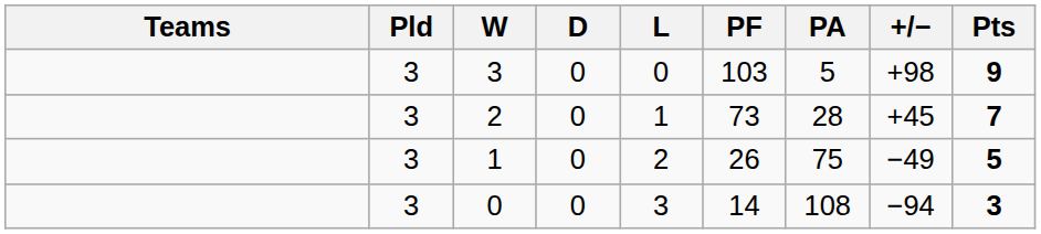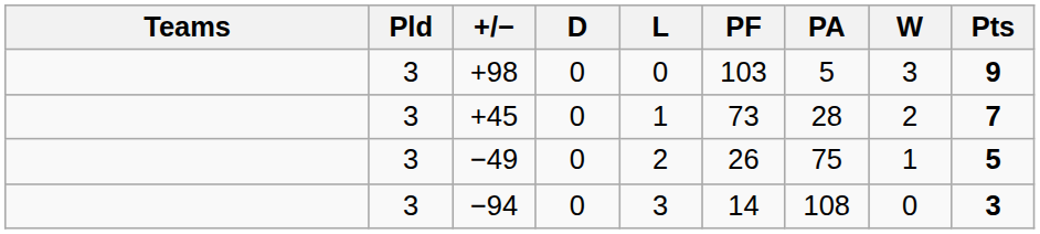 <table class="wikitable" style="text-align: center;">
 <tr>
 <th width="200">Teams</th>
 <th width="40">Pld</th>
-<th width="40">W</th>
+<th width="40">+/−</th>
 <th width="40">D</th>
 <th width="40">L</th>
 <th width="40">PF</th>
 <th width="40">PA</th>
-<th width="40">+/−</th>
+<th width="40">W</th>
 <th width="40">Pts</th>
 </tr>
 <tr>
 <td align=left></td>
 <td>3</td>
-<td>3</td>
+<td>+98</td>
 <td>0</td>
 <td>0</td>
 <td>103</td>
 <td>5</td>
-<td>+98</td>
+<td>3</td>
 <td><strong>9</strong></td>
 </tr>
 <tr>
 <td align=left></td>
 <td>3</td>
-<td>2</td>
+<td>+45</td>
 <td>0</td>
 <td>1</td>
 <td>73</td>
 <td>28</td>
-<td>+45</td>
+<td>2</td>
 <td><strong>7</strong></td>
 </tr>
 <tr>
 <td align=left></td>
 <td>3</td>
-<td>1</td>
+<td>−49</td>
 <td>0</td>
 <td>2</td>
 <td>26</td>
 <td>75</td>
-<td>−49</td>
+<td>1</td>
 <td><strong>5</strong></td>
 </tr>
 <tr>
 <td align=left></td>
 <td>3</td>
-<td>0</td>
+<td>−94</td>
 <td>0</td>
 <td>3</td>
 <td>14</td>
 <td>108</td>
-<td>−94</td>
+<td>0</td>
 <td><strong>3</strong></td>
 </tr>
 </table>
